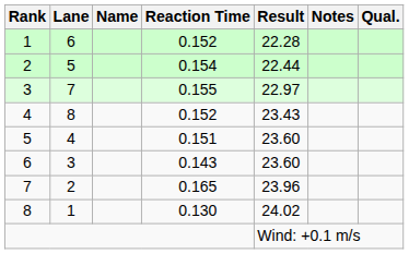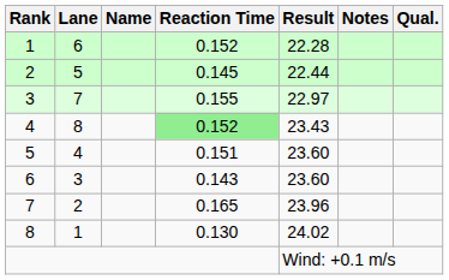 <table class="wikitable sortable" style="text-align:center">
 <tr>
 <th>Rank</th>
 <th>Lane</th>
 <th>Name</th>
 <th>Reaction Time</th>
 <th>Result</th>
 <th>Notes</th>
 <th>Qual.</th>
 </tr>
 <tr bgcolor=ccffcc>
 <td>1</td>
 <td>6</td>
 <td align="left"></td>
 <td>0.152</td>
 <td>22.28</td>
 <td></td>
 <td></td>
 </tr>
 <tr bgcolor=ccffcc>
 <td>2</td>
 <td>5</td>
 <td align="left"></td>
-<td>0.154</td>
+<td>0.145</td>
 <td>22.44</td>
 <td></td>
 <td></td>
 </tr>
 <tr bgcolor=ddffdd>
 <td>3</td>
 <td>7</td>
 <td align="left"></td>
 <td>0.155</td>
 <td>22.97</td>
 <td></td>
 <td></td>
 </tr>
 <tr>
 <td>4</td>
 <td>8</td>
 <td align="left"></td>
-<td>0.152</td>
+<td style="background: lightgreen;">0.152</td>
 <td>23.43</td>
 <td></td>
 <td></td>
 </tr>
 <tr>
 <td>5</td>
 <td>4</td>
 <td align="left"></td>
 <td>0.151</td>
 <td>23.60</td>
 <td></td>
 <td></td>
 </tr>
 <tr>
 <td>6</td>
 <td>3</td>
 <td align="left"></td>
 <td>0.143</td>
 <td>23.60</td>
 <td></td>
 <td></td>
 </tr>
 <tr>
 <td>7</td>
 <td>2</td>
 <td align="left"></td>
 <td>0.165</td>
 <td>23.96</td>
 <td></td>
 <td></td>
 </tr>
 <tr>
 <td>8</td>
 <td>1</td>
 <td align="left"></td>
 <td>0.130</td>
 <td>24.02</td>
 <td></td>
 <td></td>
 </tr>
 <tr class="sortbottom">
 <td colspan=4></td>
 <td colspan="3" style="text-align:left;">Wind: +0.1 m/s</td>
 </tr>
 </table>
